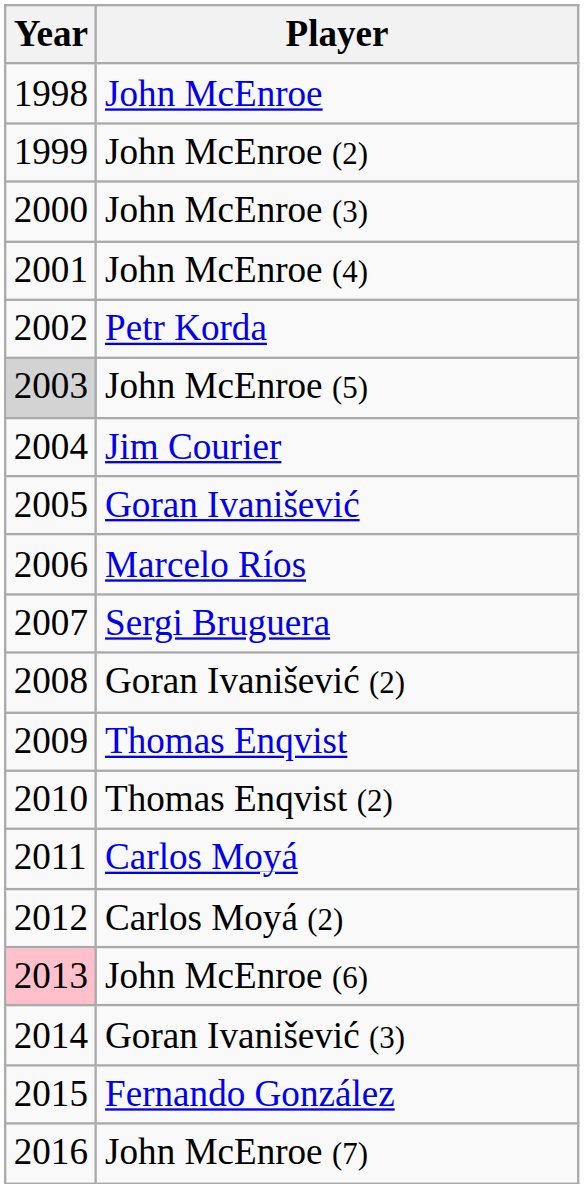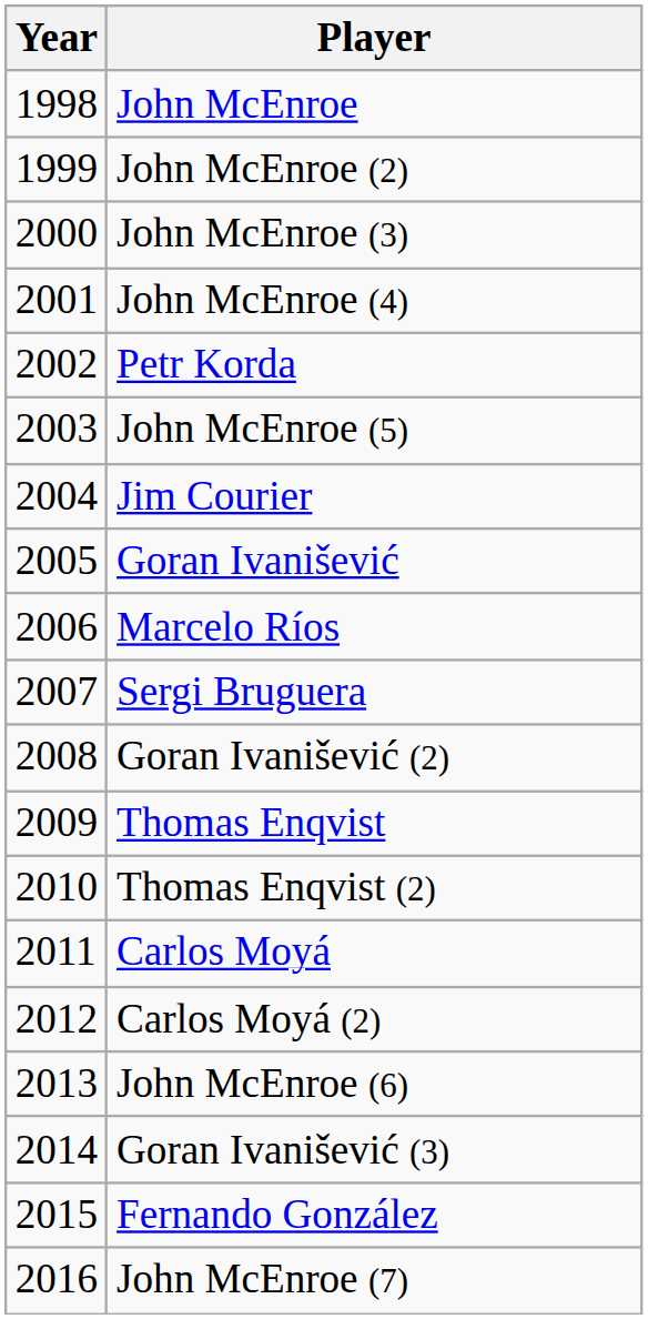 <table class="wikitable sortable">
 <tr>
 <th>Year</th>
 <th width=200>Player</th>
 </tr>
 <tr>
 <td>1998</td>
 <td>  <a href='#'>John McEnroe</a></td>
 </tr>
 <tr>
 <td>1999</td>
 <td>  John McEnroe <small>(2)</small></td>
 </tr>
 <tr>
 <td>2000</td>
 <td>  John McEnroe <small>(3)</small></td>
 </tr>
 <tr>
 <td>2001</td>
 <td>  John McEnroe <small>(4)</small></td>
 </tr>
 <tr>
 <td>2002</td>
 <td>  <a href='#'>Petr Korda</a></td>
 </tr>
 <tr>
-<td style="background: lightgrey;">2003</td>
+<td>2003</td>
 <td>  John McEnroe <small>(5)</small></td>
 </tr>
 <tr>
 <td>2004</td>
 <td>  <a href='#'>Jim Courier</a></td>
 </tr>
 <tr>
 <td>2005</td>
 <td>  <a href='#'>Goran Ivanišević</a></td>
 </tr>
 <tr>
 <td>2006</td>
 <td>  <a href='#'>Marcelo Ríos</a></td>
 </tr>
 <tr>
 <td>2007</td>
 <td>  <a href='#'>Sergi Bruguera</a></td>
 </tr>
 <tr>
 <td>2008</td>
 <td>  Goran Ivanišević <small>(2)</small></td>
 </tr>
 <tr>
 <td>2009</td>
 <td>  <a href='#'>Thomas Enqvist</a></td>
 </tr>
 <tr>
 <td>2010</td>
 <td>  Thomas Enqvist <small>(2)</small></td>
 </tr>
 <tr>
 <td>2011</td>
 <td>  <a href='#'>Carlos Moyá</a></td>
 </tr>
 <tr>
 <td>2012</td>
 <td>  Carlos Moyá <small>(2)</small></td>
 </tr>
 <tr>
-<td style="background: pink;">2013</td>
+<td>2013</td>
 <td>  John McEnroe <small>(6)</small></td>
 </tr>
 <tr>
 <td>2014</td>
 <td>  Goran Ivanišević <small>(3)</small></td>
 </tr>
 <tr>
 <td>2015</td>
 <td> <a href='#'>Fernando González</a></td>
 </tr>
 <tr>
 <td>2016</td>
 <td>  John McEnroe <small>(7)</small></td>
 </tr>
 </table>
